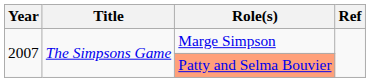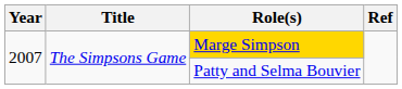 <table class="wikitable plainrowheaders sortable">
 <tr>
 <th scope="col">Year</th>
 <th scope="col">Title</th>
 <th scope="col">Role(s)</th>
 <th scope="col" class="unsortable">Ref</th>
 </tr>
 <tr>
 <td rowspan=2>2007</td>
 <td rowspan=2><em><a href='#'>The Simpsons Game</a></em></td>
-<td><a href='#'>Marge Simpson</a></td>
+<td style="background: gold;"><a href='#'>Marge Simpson</a></td>
 <td rowspan=2></td>
 </tr>
 <tr>
-<td style="background: lightsalmon;"><a href='#'>Patty and Selma Bouvier</a></td>
+<td><a href='#'>Patty and Selma Bouvier</a></td>
 </tr>
 </table>
